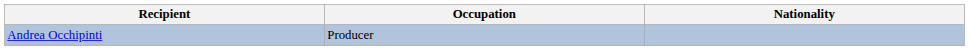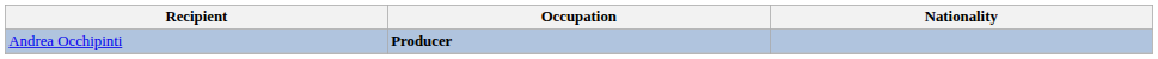 <table class="wikitable" width="95%" cellpadding="5">
 <tr>
 <th width="25%">Recipient</th>
 <th width="25%">Occupation</th>
 <th width="25%">Nationality</th>
 </tr>
 <tr style="background:#B0C4DE;">
 <td><a href='#'>Andrea Occhipinti</a></td>
-<td>Producer</td>
+<td><strong>Producer</strong></td>
 <td></td>
 </tr>
 <tr>
 </tr>
 </table>
